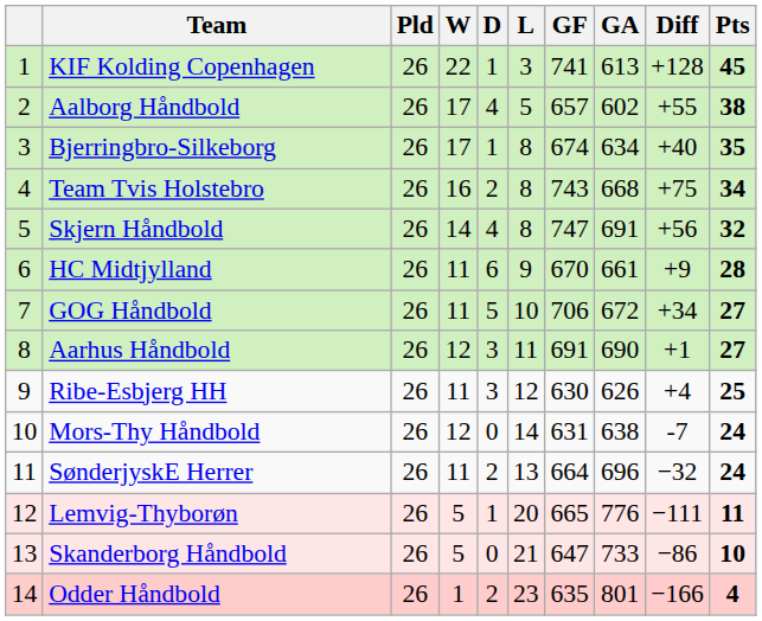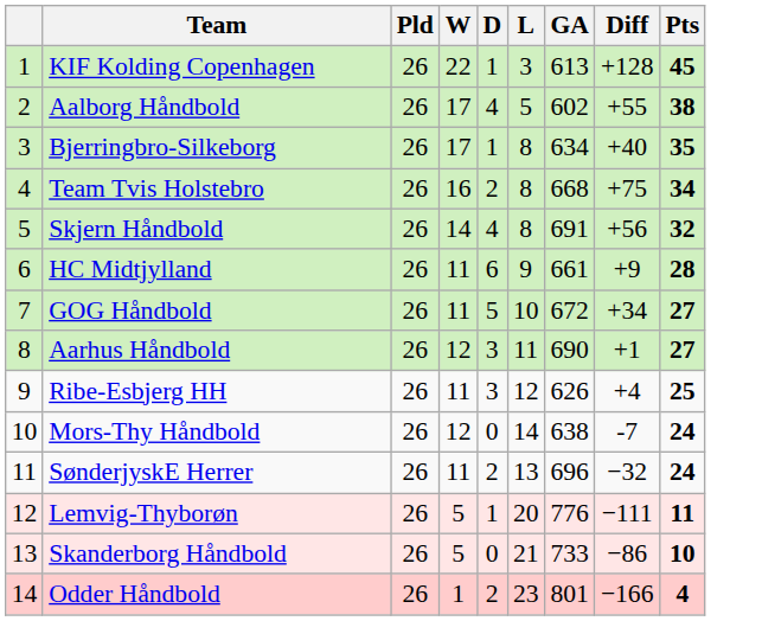 <table class="wikitable sortable" style="text-align:center">
 <tr>
 <th></th>
 <th width="210">Team</th>
 <th>Pld</th>
 <th>W</th>
 <th>D</th>
 <th>L</th>
-<th>GF</th>
 <th>GA</th>
 <th>Diff</th>
 <th>Pts</th>
 </tr>
 <tr style="background: #D0F0C0;">
 <td>1</td>
 <td align=left> <a href='#'>KIF Kolding Copenhagen</a></td>
 <td>26</td>
 <td>22</td>
 <td>1</td>
 <td>3</td>
-<td>741</td>
 <td>613</td>
 <td>+128</td>
 <td><strong>45</strong></td>
 </tr>
 <tr style="background: #D0F0C0;">
 <td>2</td>
 <td align=left> <a href='#'>Aalborg Håndbold</a></td>
 <td>26</td>
 <td>17</td>
 <td>4</td>
 <td>5</td>
-<td>657</td>
 <td>602</td>
 <td>+55</td>
 <td><strong>38</strong></td>
 </tr>
 <tr style="background: #D0F0C0;">
 <td>3</td>
 <td align=left> <a href='#'>Bjerringbro-Silkeborg</a></td>
 <td>26</td>
 <td>17</td>
 <td>1</td>
 <td>8</td>
-<td>674</td>
 <td>634</td>
 <td>+40</td>
 <td><strong>35</strong></td>
 </tr>
 <tr style="background: #D0F0C0;">
 <td>4</td>
 <td align=left> <a href='#'>Team Tvis Holstebro</a></td>
 <td>26</td>
 <td>16</td>
 <td>2</td>
 <td>8</td>
-<td>743</td>
 <td>668</td>
 <td>+75</td>
 <td><strong>34</strong></td>
 </tr>
 <tr style="background: #D0F0C0;">
 <td>5</td>
 <td align=left> <a href='#'>Skjern Håndbold</a></td>
 <td>26</td>
 <td>14</td>
 <td>4</td>
 <td>8</td>
-<td>747</td>
 <td>691</td>
 <td>+56</td>
 <td><strong>32</strong></td>
 </tr>
 <tr style="background: #D0F0C0;">
 <td>6</td>
 <td align=left> <a href='#'>HC Midtjylland</a></td>
 <td>26</td>
 <td>11</td>
 <td>6</td>
 <td>9</td>
-<td>670</td>
 <td>661</td>
 <td>+9</td>
 <td><strong>28</strong></td>
 </tr>
 <tr style="background: #D0F0C0;">
 <td>7</td>
 <td align=left> <a href='#'>GOG Håndbold</a></td>
 <td>26</td>
 <td>11</td>
 <td>5</td>
 <td>10</td>
-<td>706</td>
 <td>672</td>
 <td>+34</td>
 <td><strong>27</strong></td>
 </tr>
 <tr style="background: #D0F0C0;">
 <td>8</td>
 <td align=left> <a href='#'>Aarhus Håndbold</a></td>
 <td>26</td>
 <td>12</td>
 <td>3</td>
 <td>11</td>
-<td>691</td>
 <td>690</td>
 <td>+1</td>
 <td><strong>27</strong></td>
 </tr>
 <tr style="background:">
 <td>9</td>
 <td align=left> <a href='#'>Ribe-Esbjerg HH</a></td>
 <td>26</td>
 <td>11</td>
 <td>3</td>
 <td>12</td>
-<td>630</td>
 <td>626</td>
 <td>+4</td>
 <td><strong>25</strong></td>
 </tr>
 <tr style="background:">
 <td>10</td>
 <td align=left> <a href='#'>Mors-Thy Håndbold</a></td>
 <td>26</td>
 <td>12</td>
 <td>0</td>
 <td>14</td>
-<td>631</td>
 <td>638</td>
 <td>-7</td>
 <td><strong>24</strong></td>
 </tr>
 <tr style="background:">
 <td>11</td>
 <td align=left> <a href='#'>SønderjyskE Herrer</a></td>
 <td>26</td>
 <td>11</td>
 <td>2</td>
 <td>13</td>
-<td>664</td>
 <td>696</td>
 <td>−32</td>
 <td><strong>24</strong></td>
 </tr>
 <tr style="background: #FFE6E6;">
 <td>12</td>
 <td align=left> <a href='#'>Lemvig-Thyborøn</a></td>
 <td>26</td>
 <td>5</td>
 <td>1</td>
 <td>20</td>
-<td>665</td>
 <td>776</td>
 <td>−111</td>
 <td><strong>11</strong></td>
 </tr>
 <tr style="background: #FFE6E6;">
 <td>13</td>
 <td align=left> <a href='#'>Skanderborg Håndbold</a></td>
 <td>26</td>
 <td>5</td>
 <td>0</td>
 <td>21</td>
-<td>647</td>
 <td>733</td>
 <td>−86</td>
 <td><strong>10</strong></td>
 </tr>
 <tr style="background: #FFCCCC;">
 <td>14</td>
 <td align=left> <a href='#'>Odder Håndbold</a></td>
 <td>26</td>
 <td>1</td>
 <td>2</td>
 <td>23</td>
-<td>635</td>
 <td>801</td>
 <td>−166</td>
 <td><strong>4</strong></td>
 </tr>
 </table>
